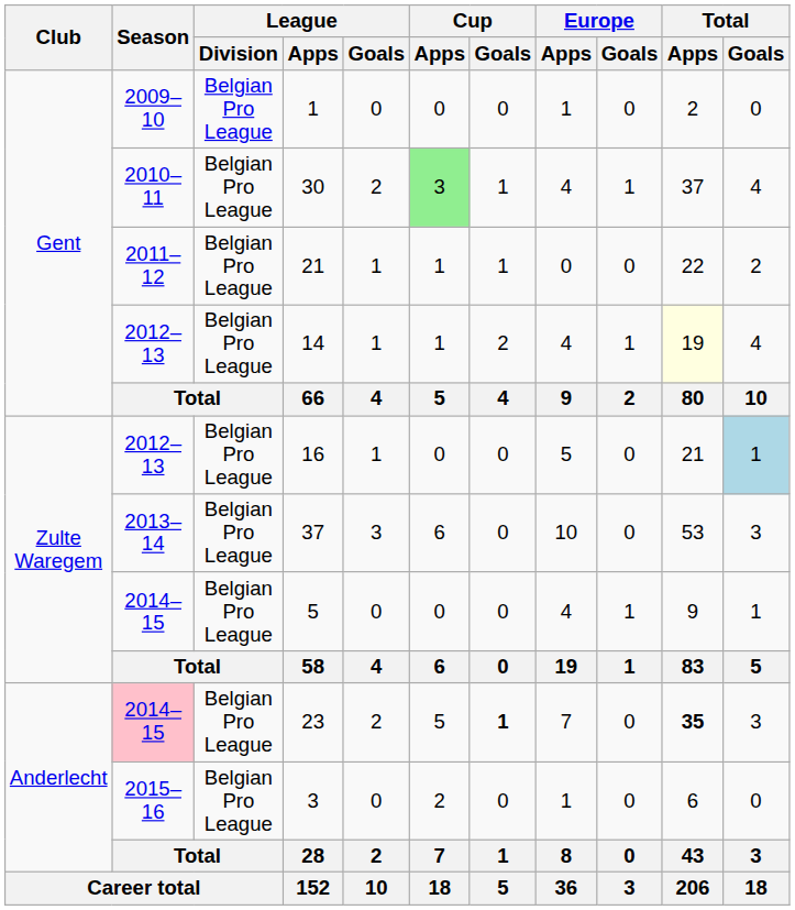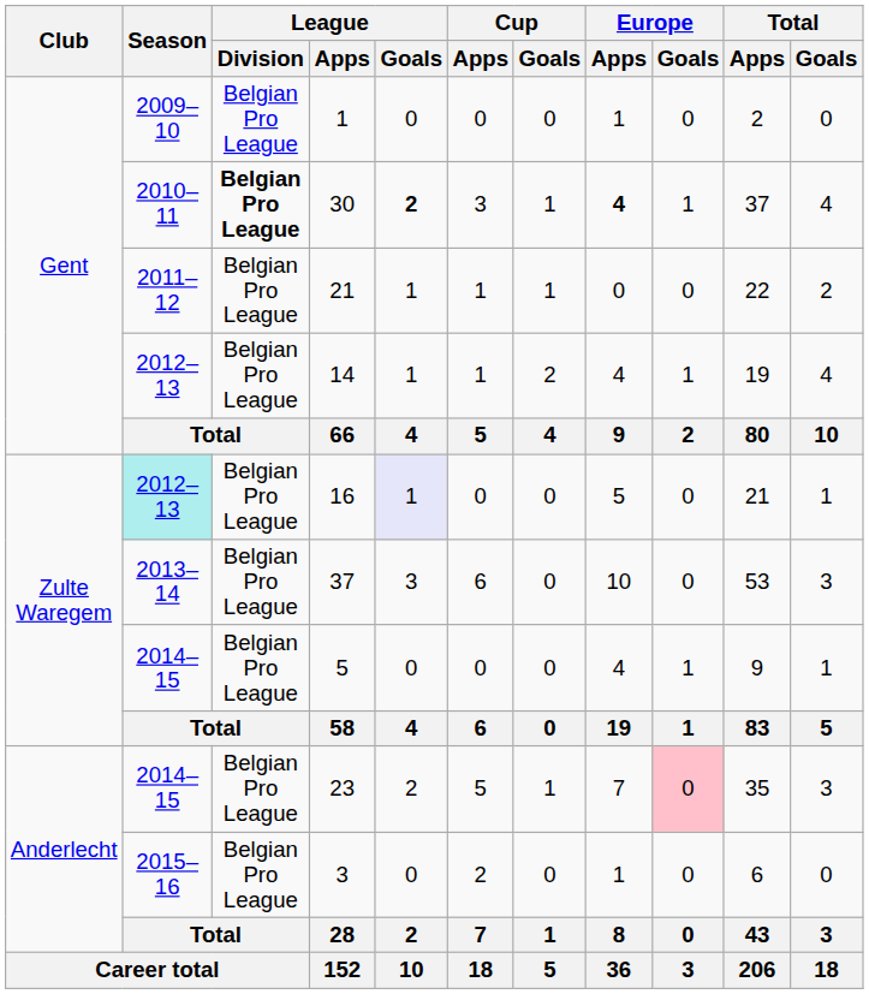 <table class="wikitable" style="text-align:center">
 <tr>
 <th rowspan="2">Club</th>
 <th rowspan="2">Season</th>
 <th colspan="3">League</th>
 <th colspan="2">Cup</th>
 <th colspan="2"><a href='#'>Europe</a></th>
 <th colspan="2">Total</th>
 </tr>
 <tr>
 <th>Division</th>
 <th>Apps</th>
 <th>Goals</th>
 <th>Apps</th>
 <th>Goals</th>
 <th>Apps</th>
 <th>Goals</th>
 <th>Apps</th>
 <th>Goals</th>
 </tr>
 <tr>
 <td rowspan="5"><a href='#'>Gent</a></td>
 <td><a href='#'>2009–10</a></td>
 <td><a href='#'>Belgian Pro League</a></td>
 <td>1</td>
 <td>0</td>
 <td>0</td>
 <td>0</td>
 <td>1</td>
 <td>0</td>
 <td>2</td>
 <td>0</td>
 </tr>
 <tr>
 <td><a href='#'>2010–11</a></td>
-<td>Belgian Pro League</td>
+<td><strong>Belgian Pro League</strong></td>
 <td>30</td>
-<td>2</td>
-<td style="background: lightgreen;">3</td>
+<td><strong>2</strong></td>
+<td>3</td>
 <td>1</td>
-<td>4</td>
+<td><strong>4</strong></td>
 <td>1</td>
 <td>37</td>
 <td>4</td>
 </tr>
 <tr>
 <td><a href='#'>2011–12</a></td>
 <td>Belgian Pro League</td>
 <td>21</td>
 <td>1</td>
 <td>1</td>
 <td>1</td>
 <td>0</td>
 <td>0</td>
 <td>22</td>
 <td>2</td>
 </tr>
 <tr>
 <td><a href='#'>2012–13</a></td>
 <td>Belgian Pro League</td>
 <td>14</td>
 <td>1</td>
 <td>1</td>
 <td>2</td>
 <td>4</td>
 <td>1</td>
-<td style="background: lightyellow;">19</td>
+<td>19</td>
 <td>4</td>
 </tr>
 <tr>
 <th colspan="2">Total</th>
 <th>66</th>
 <th>4</th>
 <th>5</th>
 <th>4</th>
 <th>9</th>
 <th>2</th>
 <th>80</th>
 <th>10</th>
 </tr>
 <tr>
 <td rowspan="4"><a href='#'>Zulte Waregem</a></td>
-<td><a href='#'>2012–13</a></td>
+<td style="background: paleturquoise;"><a href='#'>2012–13</a></td>
 <td>Belgian Pro League</td>
 <td>16</td>
-<td>1</td>
+<td style="background: lavender;">1</td>
 <td>0</td>
 <td>0</td>
 <td>5</td>
 <td>0</td>
 <td>21</td>
-<td style="background: lightblue;">1</td>
+<td>1</td>
 </tr>
 <tr>
 <td><a href='#'>2013–14</a></td>
 <td>Belgian Pro League</td>
 <td>37</td>
 <td>3</td>
 <td>6</td>
 <td>0</td>
 <td>10</td>
 <td>0</td>
 <td>53</td>
 <td>3</td>
 </tr>
 <tr>
 <td><a href='#'>2014–15</a></td>
 <td>Belgian Pro League</td>
 <td>5</td>
 <td>0</td>
 <td>0</td>
 <td>0</td>
 <td>4</td>
 <td>1</td>
 <td>9</td>
 <td>1</td>
 </tr>
 <tr>
 <th colspan="2">Total</th>
 <th>58</th>
 <th>4</th>
 <th>6</th>
 <th>0</th>
 <th>19</th>
 <th>1</th>
 <th>83</th>
 <th>5</th>
 </tr>
 <tr>
 <td rowspan="3"><a href='#'>Anderlecht</a></td>
-<td style="background: pink;"><a href='#'>2014–15</a></td>
+<td><a href='#'>2014–15</a></td>
 <td>Belgian Pro League</td>
 <td>23</td>
 <td>2</td>
 <td>5</td>
-<td><strong>1</strong></td>
+<td>1</td>
 <td>7</td>
-<td>0</td>
-<td><strong>35</strong></td>
+<td style="background: pink;">0</td>
+<td>35</td>
 <td>3</td>
 </tr>
 <tr>
 <td><a href='#'>2015–16</a></td>
 <td>Belgian Pro League</td>
 <td>3</td>
 <td>0</td>
 <td>2</td>
 <td>0</td>
 <td>1</td>
 <td>0</td>
 <td>6</td>
 <td>0</td>
 </tr>
 <tr>
 <th colspan="2">Total</th>
 <th>28</th>
 <th>2</th>
 <th>7</th>
 <th>1</th>
 <th>8</th>
 <th>0</th>
 <th>43</th>
 <th>3</th>
 </tr>
 <tr>
 <th colspan="3">Career total</th>
 <th>152</th>
 <th>10</th>
 <th>18</th>
 <th>5</th>
 <th>36</th>
 <th>3</th>
 <th>206</th>
 <th>18</th>
 </tr>
 </table>
